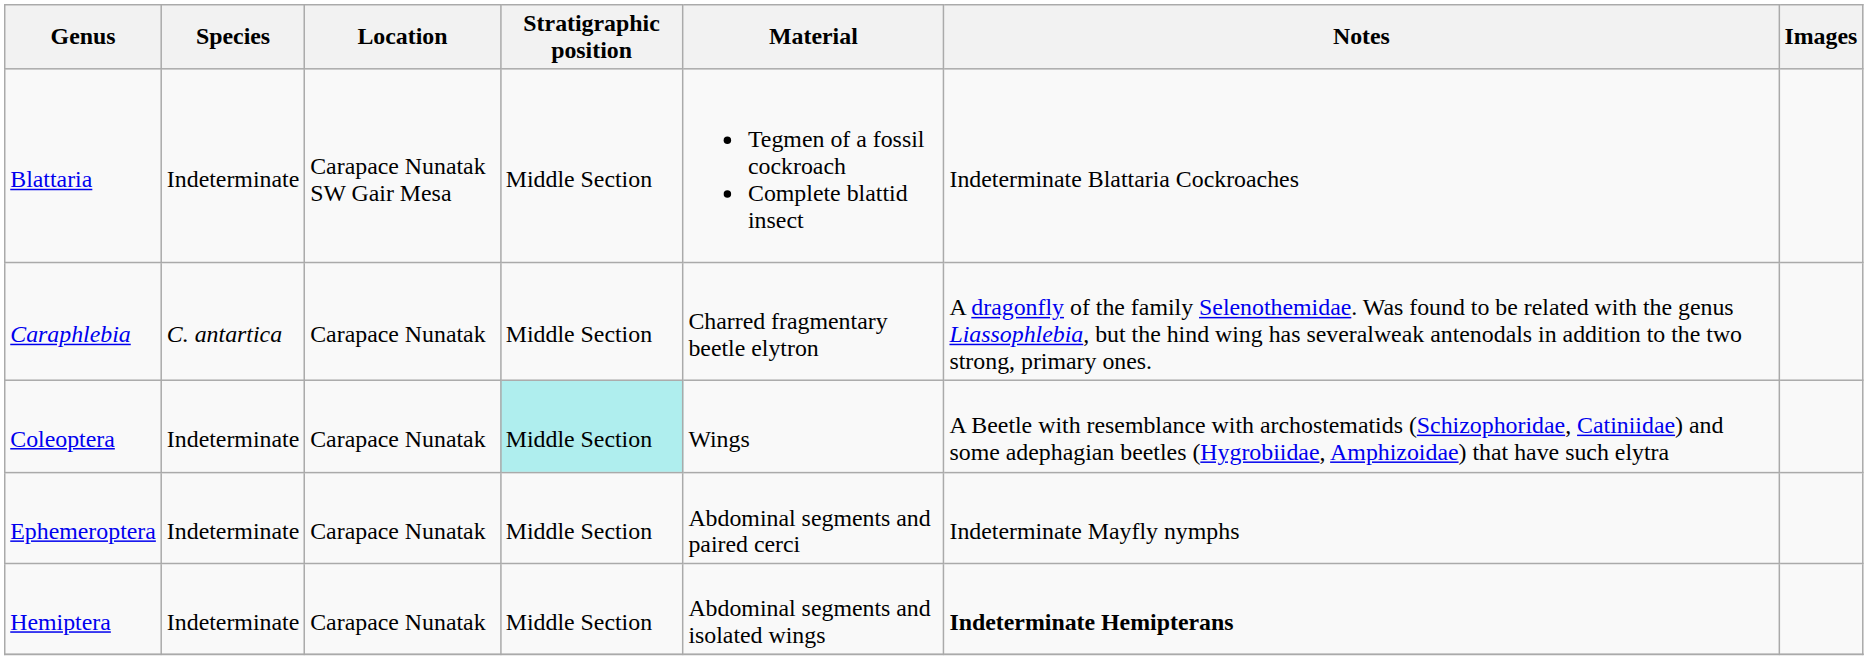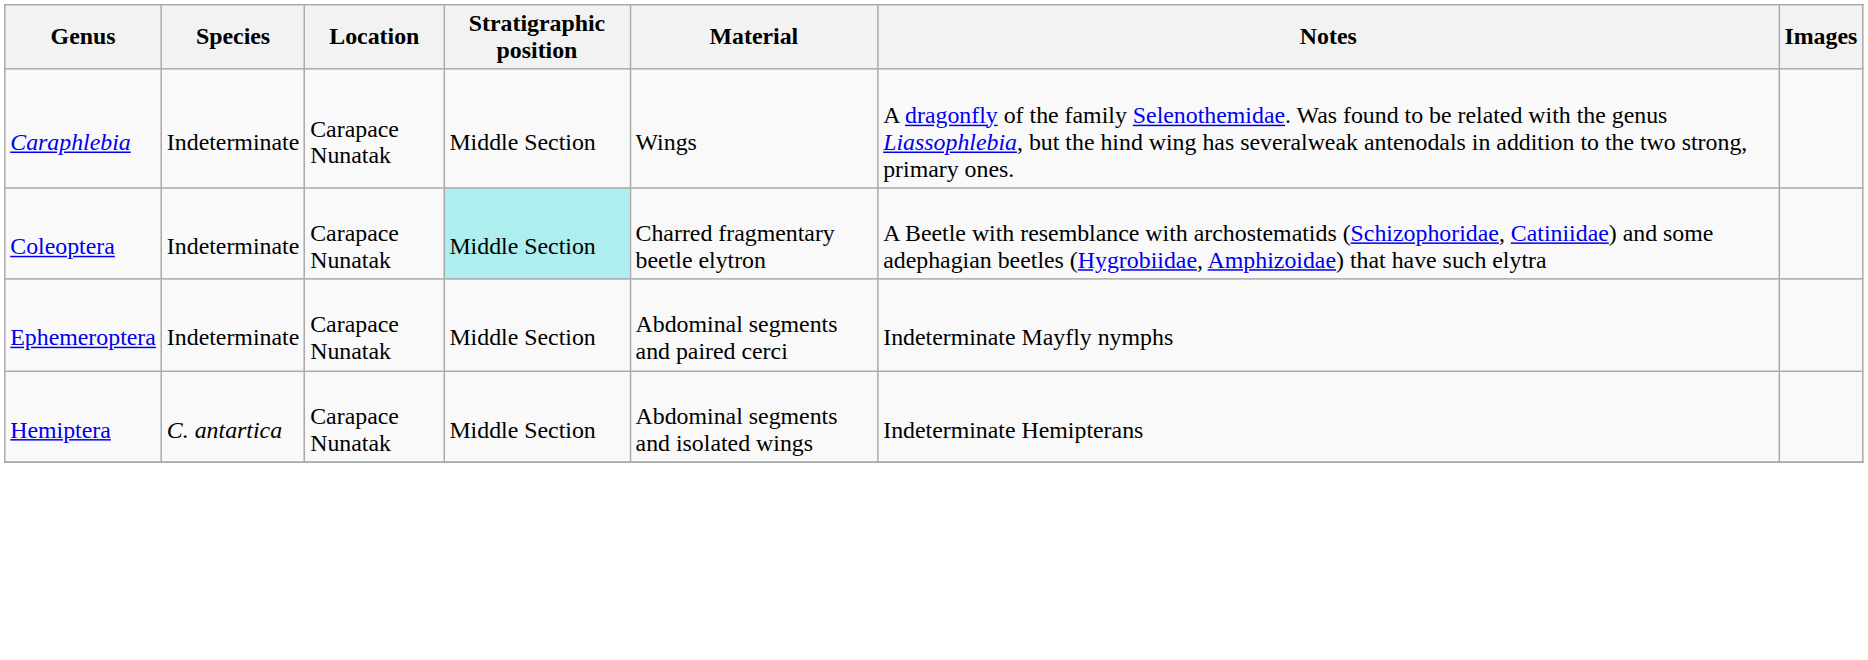 <table class="wikitable sortable">
 <tr>
 <th>Genus</th>
 <th>Species</th>
 <th>Location</th>
 <th>Stratigraphic position</th>
 <th>Material</th>
 <th>Notes</th>
 <th>Images</th>
 </tr>
 <tr>
-<td><br><a href='#'>Blattaria</a></td>
+<td><br><em><a href='#'>Caraphlebia</a></em></td>
 <td><br>Indeterminate</td>
-<td><br>Carapace Nunatak SW Gair Mesa</td>
-<td><br>Middle Section</td>
-<td><br><ul><li>Tegmen of a fossil cockroach</li><li>Complete blattid insect</li></ul></td>
-<td><br>Indeterminate Blattaria Cockroaches</td>
-<td></td>
-</tr>
-<tr>
-<td><br><em><a href='#'>Caraphlebia</a></em></td>
-<td><br><em>C. antartica</em></td>
 <td><br>Carapace Nunatak</td>
 <td><br>Middle Section</td>
-<td><br>Charred fragmentary beetle elytron</td>
+<td><br>Wings</td>
 <td><br>A <a href='#'>dragonfly</a> of the family <a href='#'>Selenothemidae</a>. Was found to be related with the genus <em><a href='#'>Liassophlebia</a></em>, but the hind wing has severalweak antenodals in addition to the two strong, primary ones.</td>
 <td></td>
 </tr>
 <tr>
 <td><br><a href='#'>Coleoptera</a></td>
 <td><br>Indeterminate</td>
 <td><br>Carapace Nunatak</td>
 <td style="background: paleturquoise;"><br>Middle Section</td>
-<td><br>Wings</td>
+<td><br>Charred fragmentary beetle elytron</td>
 <td><br>A Beetle with resemblance with archostematids (<a href='#'>Schizophoridae</a>, <a href='#'>Catiniidae</a>) and some adephagian beetles (<a href='#'>Hygrobiidae</a>, <a href='#'>Amphizoidae</a>) that have such elytra</td>
 <td></td>
 </tr>
 <tr>
 <td><br><a href='#'>Ephemeroptera</a></td>
 <td><br>Indeterminate</td>
 <td><br>Carapace Nunatak</td>
 <td><br>Middle Section</td>
 <td><br>Abdominal segments and paired cerci</td>
 <td><br>Indeterminate Mayfly nymphs</td>
 <td><br></td>
 </tr>
 <tr>
 <td><br><a href='#'>Hemiptera</a></td>
-<td><br>Indeterminate</td>
+<td><br><em>C. antartica</em></td>
 <td><br>Carapace Nunatak</td>
 <td><br>Middle Section</td>
 <td><br>Abdominal segments and isolated wings</td>
-<td><strong><br>Indeterminate Hemipterans</strong></td>
+<td><br>Indeterminate Hemipterans</td>
 <td></td>
 </tr>
 <tr>
 </tr>
 </table>
